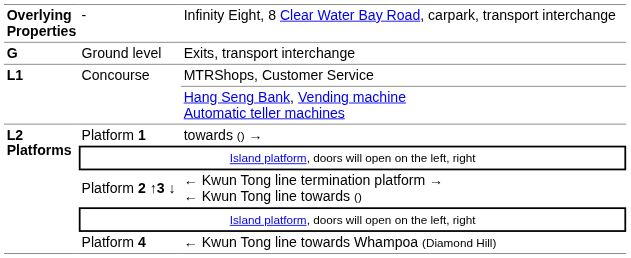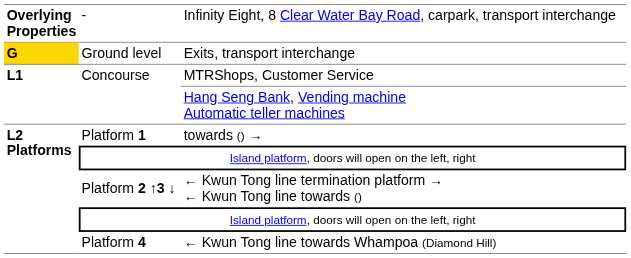 <table border=0 cellspacing=0 cellpadding=3>
 <tr>
 <td style="border-bottom:solid 1px gray;border-top:solid 1px gray;width:50px;vertical-align:top;"><strong>Overlying Properties</strong></td>
 <td style="border-top:solid 1px gray;border-bottom:solid 1px gray;width:100px;vertical-align:top;">-</td>
 <td style="border-top:solid 1px gray;border-bottom:solid 1px gray;width:500px;vertical-align:top;">Infinity Eight, 8 <a href='#'>Clear Water Bay Road</a>, carpark, transport interchange</td>
 </tr>
 <tr>
-<td style="border-bottom:solid 1px gray;width:50px;vertical-align:top;"><strong>G</strong></td>
+<td style="background: gold; border-bottom:solid 1px gray;width:50px;vertical-align:top;"><strong>G</strong></td>
 <td style="border-bottom:solid 1px gray;width:110px;vertical-align:top;">Ground level</td>
 <td style="border-bottom:solid 1px gray;width:490px;vertical-align:top;">Exits, transport interchange</td>
 </tr>
 <tr>
 <td style="border-bottom:solid 1px gray;vertical-align:top;" rowspan=2><strong>L1</strong></td>
 <td style="border-bottom:solid 1px gray;vertical-align:top;" rowspan=2>Concourse</td>
 <td style="border-bottom:solid 1px gray;">MTRShops, Customer Service</td>
 </tr>
 <tr>
 <td style="border-bottom:solid 1px gray;"><a href='#'>Hang Seng Bank</a>, <a href='#'>Vending machine</a><br><a href='#'>Automatic teller machines</a></td>
 </tr>
 <tr>
 <td style="border-bottom:solid 1px gray;vertical-align:top;" rowspan=5><strong>L2<br>Platforms</strong></td>
 <td>Platform <span><strong>1</strong></span></td>
 <td>  towards  <small>()</small> →</td>
 </tr>
 <tr>
 <td style="border-top:solid 2px black;border-right:solid 2px black;border-left:solid 2px black;border-bottom:solid 2px black;text-align:center;" colspan=2><small><a href='#'>Island platform</a>, doors will open on the left, right</small></td>
 </tr>
 <tr>
 <td>Platform <span><strong>2 ↑3 ↓</strong></span></td>
 <td>←  Kwun Tong line termination platform →<br>←  Kwun Tong line towards  <small>()</small></td>
 </tr>
 <tr>
 <td style="border-top:solid 2px black;border-right:solid 2px black;border-left:solid 2px black;border-bottom:solid 2px black;text-align:center;" colspan=2><small><a href='#'>Island platform</a>, doors will open on the left, right</small></td>
 </tr>
 <tr>
 <td style="border-bottom:solid 1px gray;">Platform <span><strong>4</strong></span></td>
 <td style="border-bottom:solid 1px gray;">←  Kwun Tong line towards Whampoa <small>(Diamond Hill)</small></td>
 </tr>
 </table>
